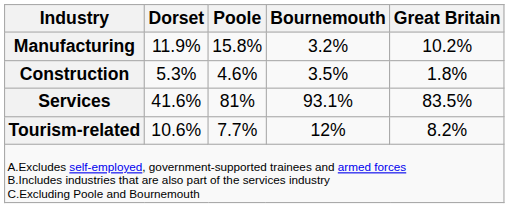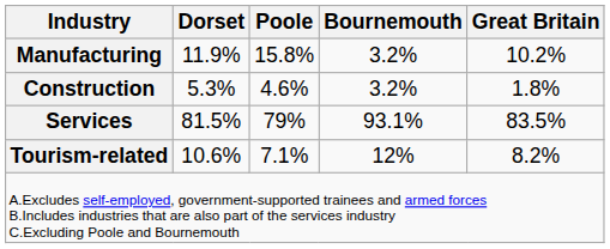 <table class="wikitable" style=" text-align:center;">
 <tr>
 <th scope="col">Industry</th>
 <th scope="col">Dorset<br></th>
 <th scope="col">Poole<br></th>
 <th scope="col">Bournemouth<br></th>
 <th scope="col">Great Britain<br></th>
 </tr>
 <tr>
 <th scope="row">Manufacturing</th>
 <td>11.9%</td>
 <td>15.8%</td>
 <td>3.2%</td>
 <td>10.2%</td>
 </tr>
 <tr>
 <th scope="row">Construction</th>
 <td>5.3%</td>
 <td>4.6%</td>
-<td>3.5%</td>
+<td>3.2%</td>
 <td>1.8%</td>
 </tr>
 <tr>
 <th scope="row">Services</th>
-<td>41.6%</td>
-<td>81%</td>
+<td>81.5%</td>
+<td>79%</td>
 <td>93.1%</td>
 <td>83.5%</td>
 </tr>
 <tr>
 <th scope="row">Tourism-related</th>
 <td>10.6%</td>
-<td>7.7%</td>
+<td>7.1%</td>
 <td>12%</td>
 <td>8.2%</td>
 </tr>
 <tr>
 <td align="left" colspan="30" style="font-size: 8pt"><br>A.Excludes <a href='#'>self-employed</a>, government-supported trainees and <a href='#'>armed forces</a><br> B.Includes industries that are also part of the services industry<br> C.Excluding Poole and Bournemouth</td>
 </tr>
 </table>
